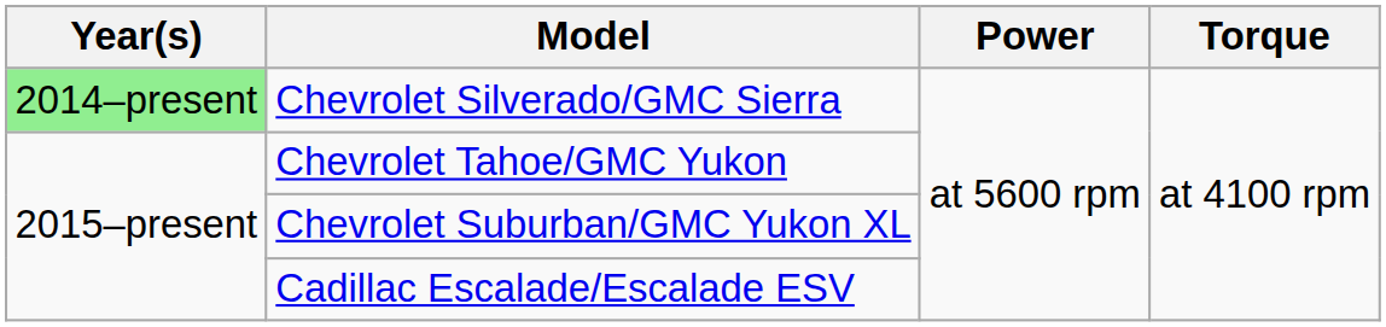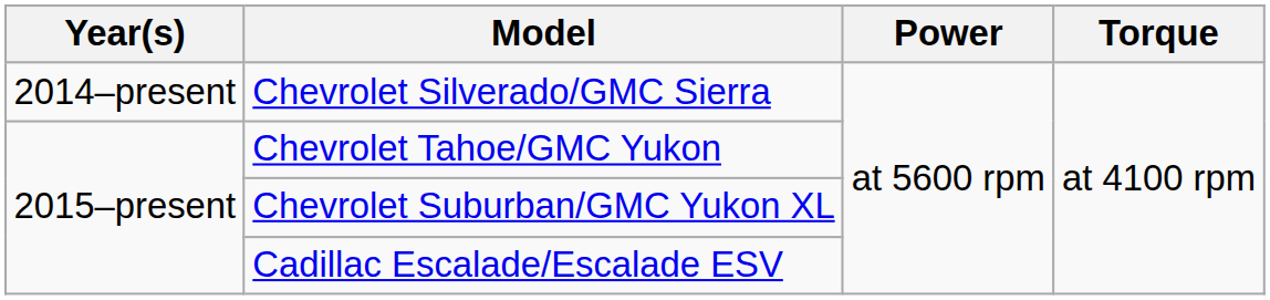 <table class="wikitable">
 <tr>
 <th scope="col">Year(s)</th>
 <th scope="col">Model</th>
 <th scope="col">Power</th>
 <th scope="col">Torque</th>
 </tr>
 <tr>
-<td style="background: lightgreen;">2014–present</td>
+<td>2014–present</td>
 <td><a href='#'>Chevrolet Silverado/GMC Sierra</a></td>
 <td rowspan="4"> at 5600 rpm</td>
 <td rowspan="4"> at 4100 rpm</td>
 </tr>
 <tr>
 <td rowspan="3">2015–present</td>
 <td><a href='#'>Chevrolet Tahoe/GMC Yukon</a></td>
 </tr>
 <tr>
 <td><a href='#'>Chevrolet Suburban/GMC Yukon XL</a></td>
 </tr>
 <tr>
 <td><a href='#'>Cadillac Escalade/Escalade ESV</a></td>
 </tr>
 </table>
